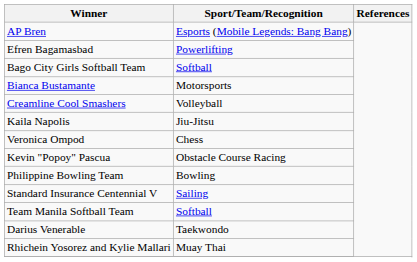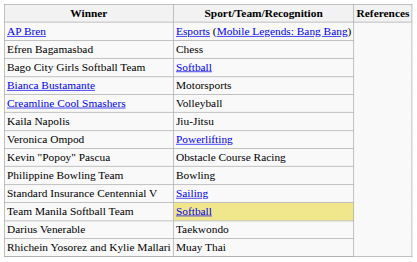 <table class="wikitable">
 <tr>
 <th>Winner</th>
 <th>Sport/Team/Recognition</th>
 <th>References</th>
 </tr>
 <tr>
 <td><a href='#'>AP Bren</a> <br> </td>
 <td><a href='#'>Esports</a> (<a href='#'>Mobile Legends: Bang Bang</a>) <br> </td>
 <td rowspan=15></td>
 </tr>
 <tr>
 <td>Efren Bagamasbad</td>
-<td><a href='#'>Powerlifting</a> <br> </td>
+<td>Chess <br> </td>
 </tr>
 <tr>
 <td>Bago City Girls Softball Team <br> </td>
 <td><a href='#'>Softball</a> <br> </td>
 </tr>
 <tr>
 <td><a href='#'>Bianca Bustamante</a></td>
 <td>Motorsports <br> </td>
 </tr>
 <tr>
 <td><a href='#'>Creamline Cool Smashers</a> <br> </td>
 <td>Volleyball <br> </td>
 </tr>
 <tr>
 <td>Kaila Napolis</td>
 <td>Jiu-Jitsu <br> </td>
 </tr>
 <tr>
 <td>Veronica Ompod</td>
-<td>Chess <br> </td>
+<td><a href='#'>Powerlifting</a> <br> </td>
 </tr>
 <tr>
 <td>Kevin "Popoy" Pascua</td>
 <td>Obstacle Course Racing <br> </td>
 </tr>
 <tr>
 <td>Philippine Bowling Team <br> </td>
 <td>Bowling <br> </td>
 </tr>
 <tr>
 <td>Standard Insurance Centennial V <br> </td>
 <td><a href='#'>Sailing</a> <br> </td>
 </tr>
 <tr>
 <td>Team Manila Softball Team <br> </td>
-<td><a href='#'>Softball</a> <br> </td>
+<td style="background: khaki;"><a href='#'>Softball</a> <br> </td>
 </tr>
 <tr>
 <td>Darius Venerable</td>
 <td>Taekwondo <br> </td>
 </tr>
 <tr>
 <td>Rhichein Yosorez and Kylie Mallari</td>
 <td>Muay Thai <br> </td>
 </tr>
 <tr>
 </tr>
 </table>
